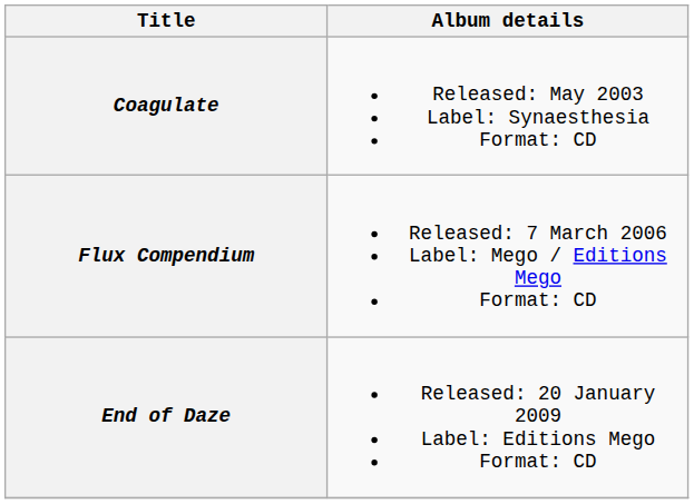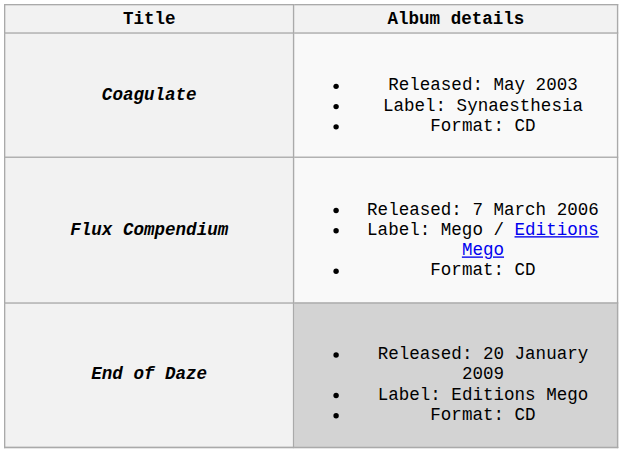 <table class="wikitable plainrowheaders" style="text-align:center;">
 <tr>
 <th scope="col" style="width:16em;">Title</th>
 <th scope="col" style="width:18em;">Album details</th>
 </tr>
 <tr>
 <th scope="row"><em>Coagulate</em></th>
 <td><br><ul><li>Released: May 2003</li><li>Label: Synaesthesia </li><li>Format: CD</li></ul></td>
 </tr>
 <tr>
 <th scope="row"><em>Flux Compendium</em></th>
 <td><br><ul><li>Released: 7 March 2006</li><li>Label: Mego / <a href='#'>Editions Mego</a> </li><li>Format: CD</li></ul></td>
 </tr>
 <tr>
 <th scope="row"><em>End of Daze</em></th>
-<td><br><ul><li>Released: 20 January 2009</li><li>Label: Editions Mego </li><li>Format: CD</li></ul></td>
+<td style="background: lightgrey;"><br><ul><li>Released: 20 January 2009</li><li>Label: Editions Mego </li><li>Format: CD</li></ul></td>
 </tr>
 <tr>
 </tr>
 </table>
